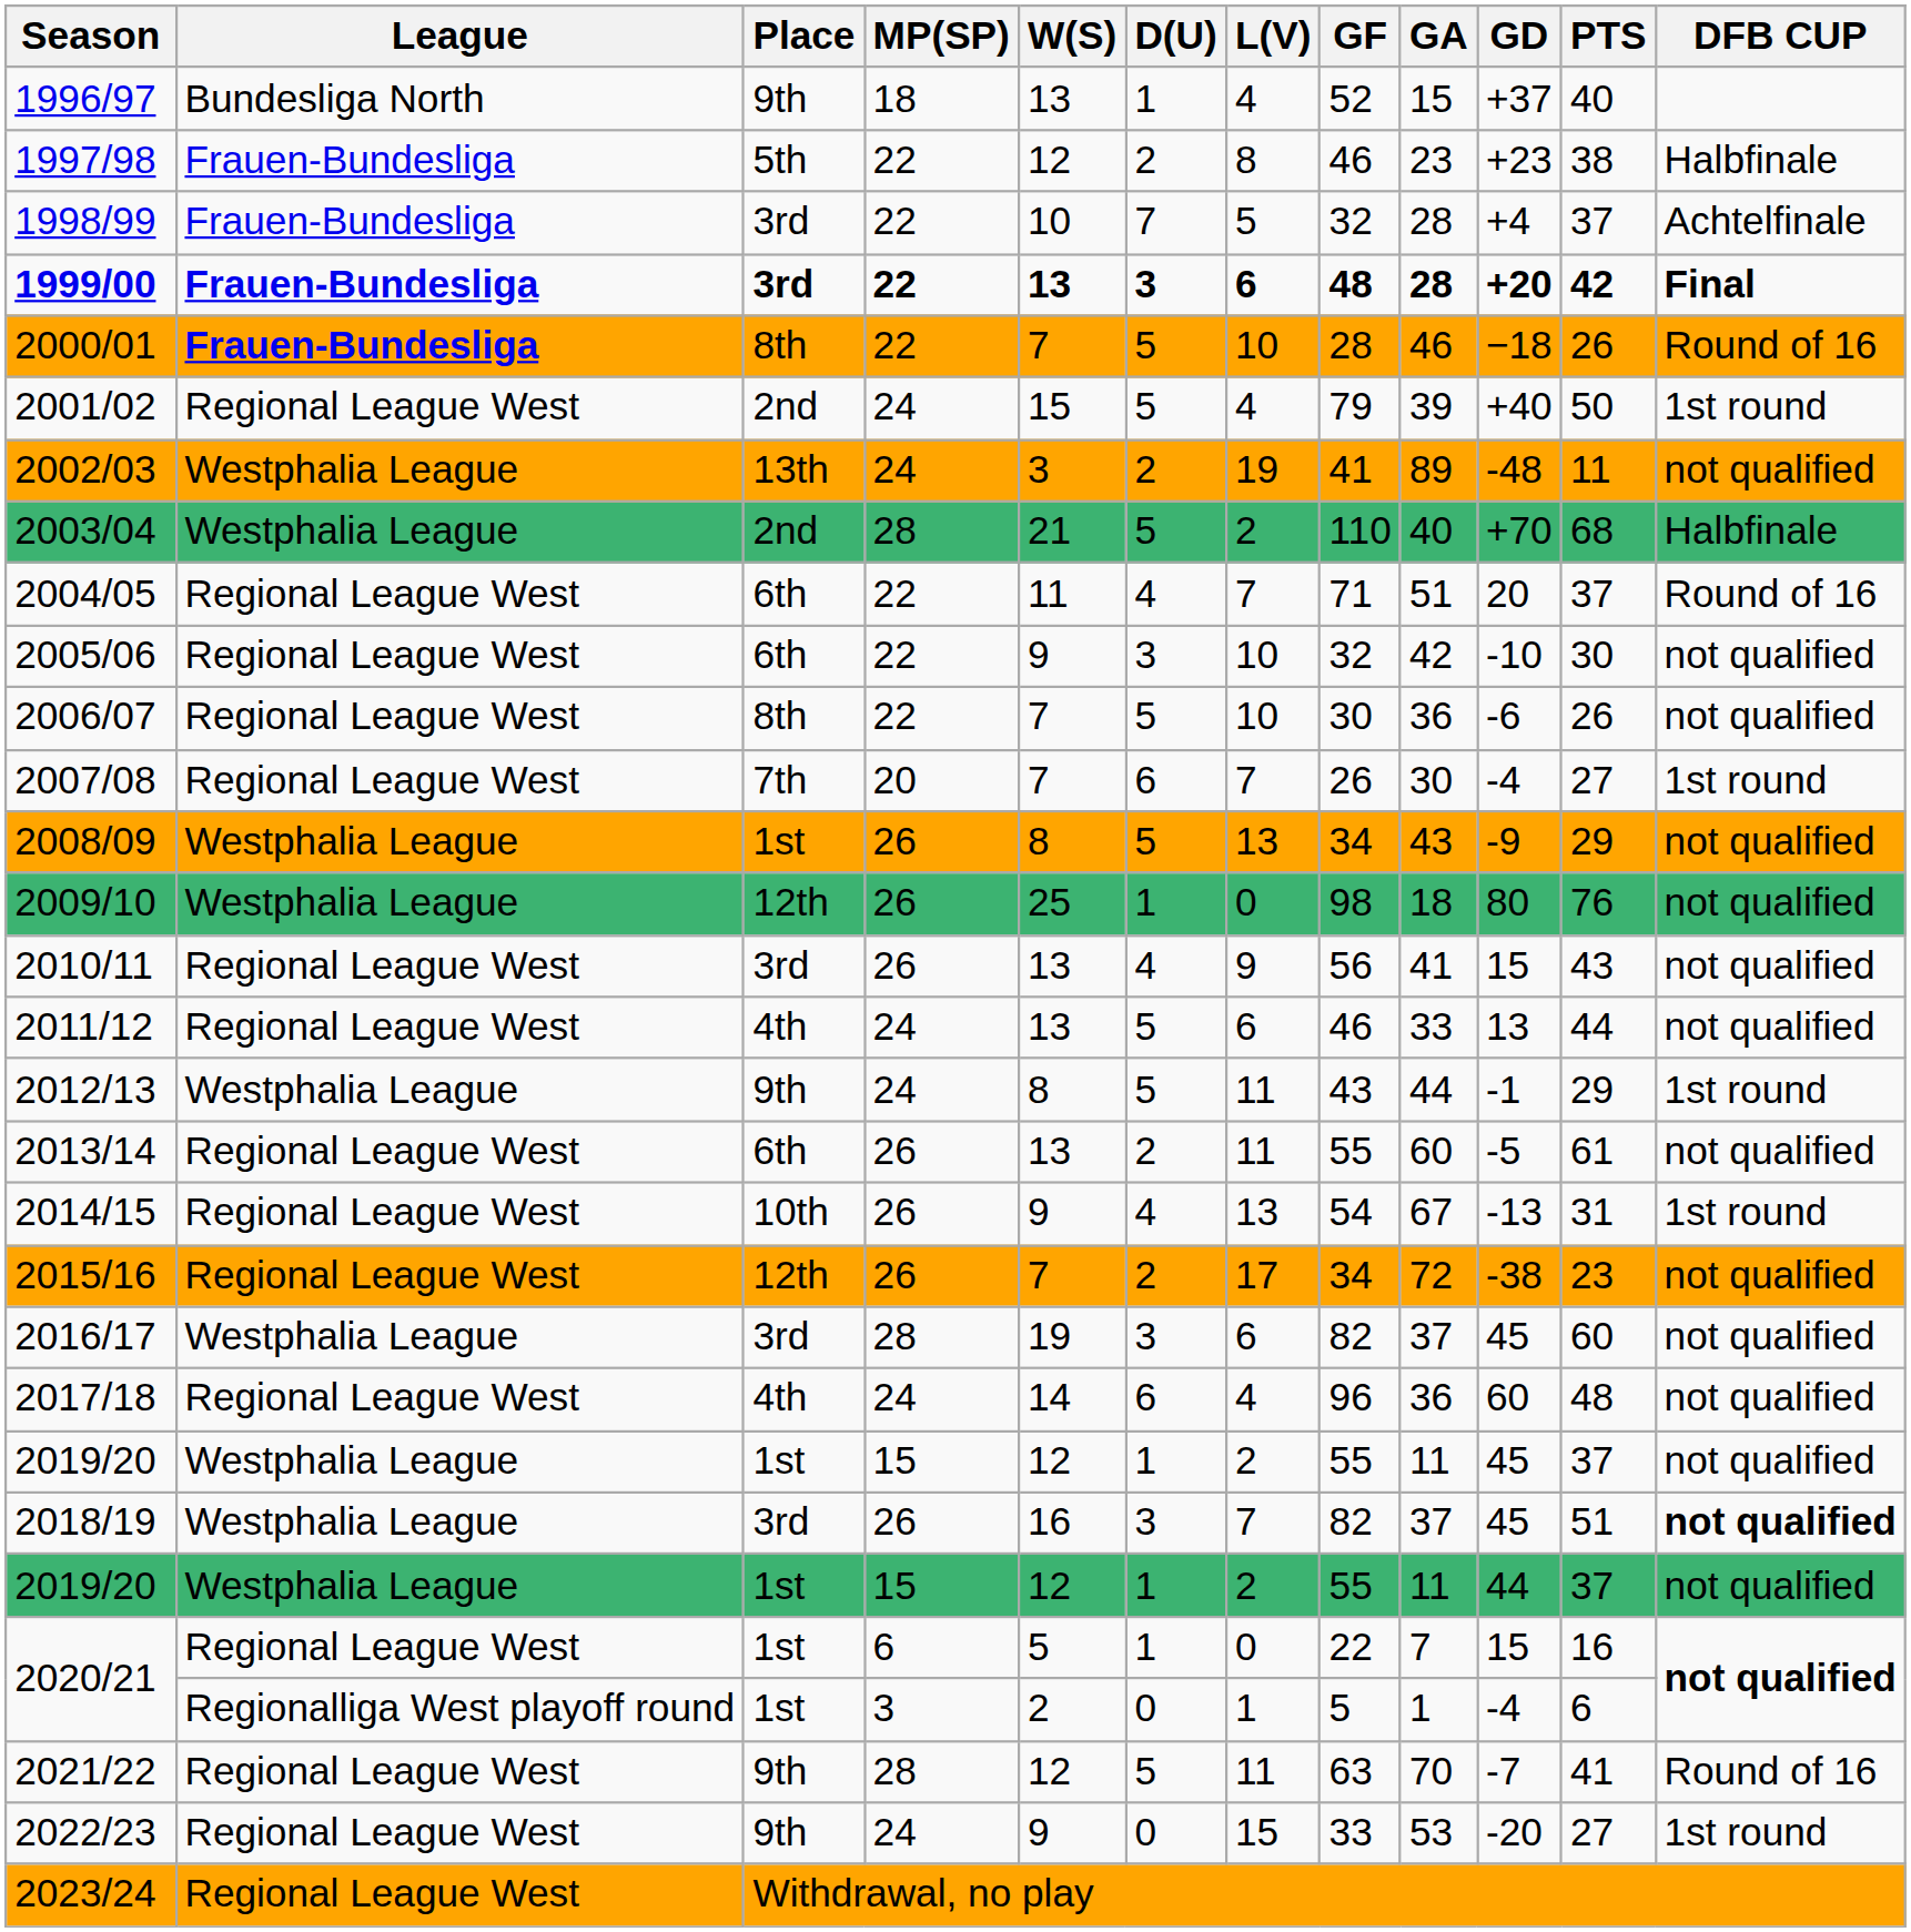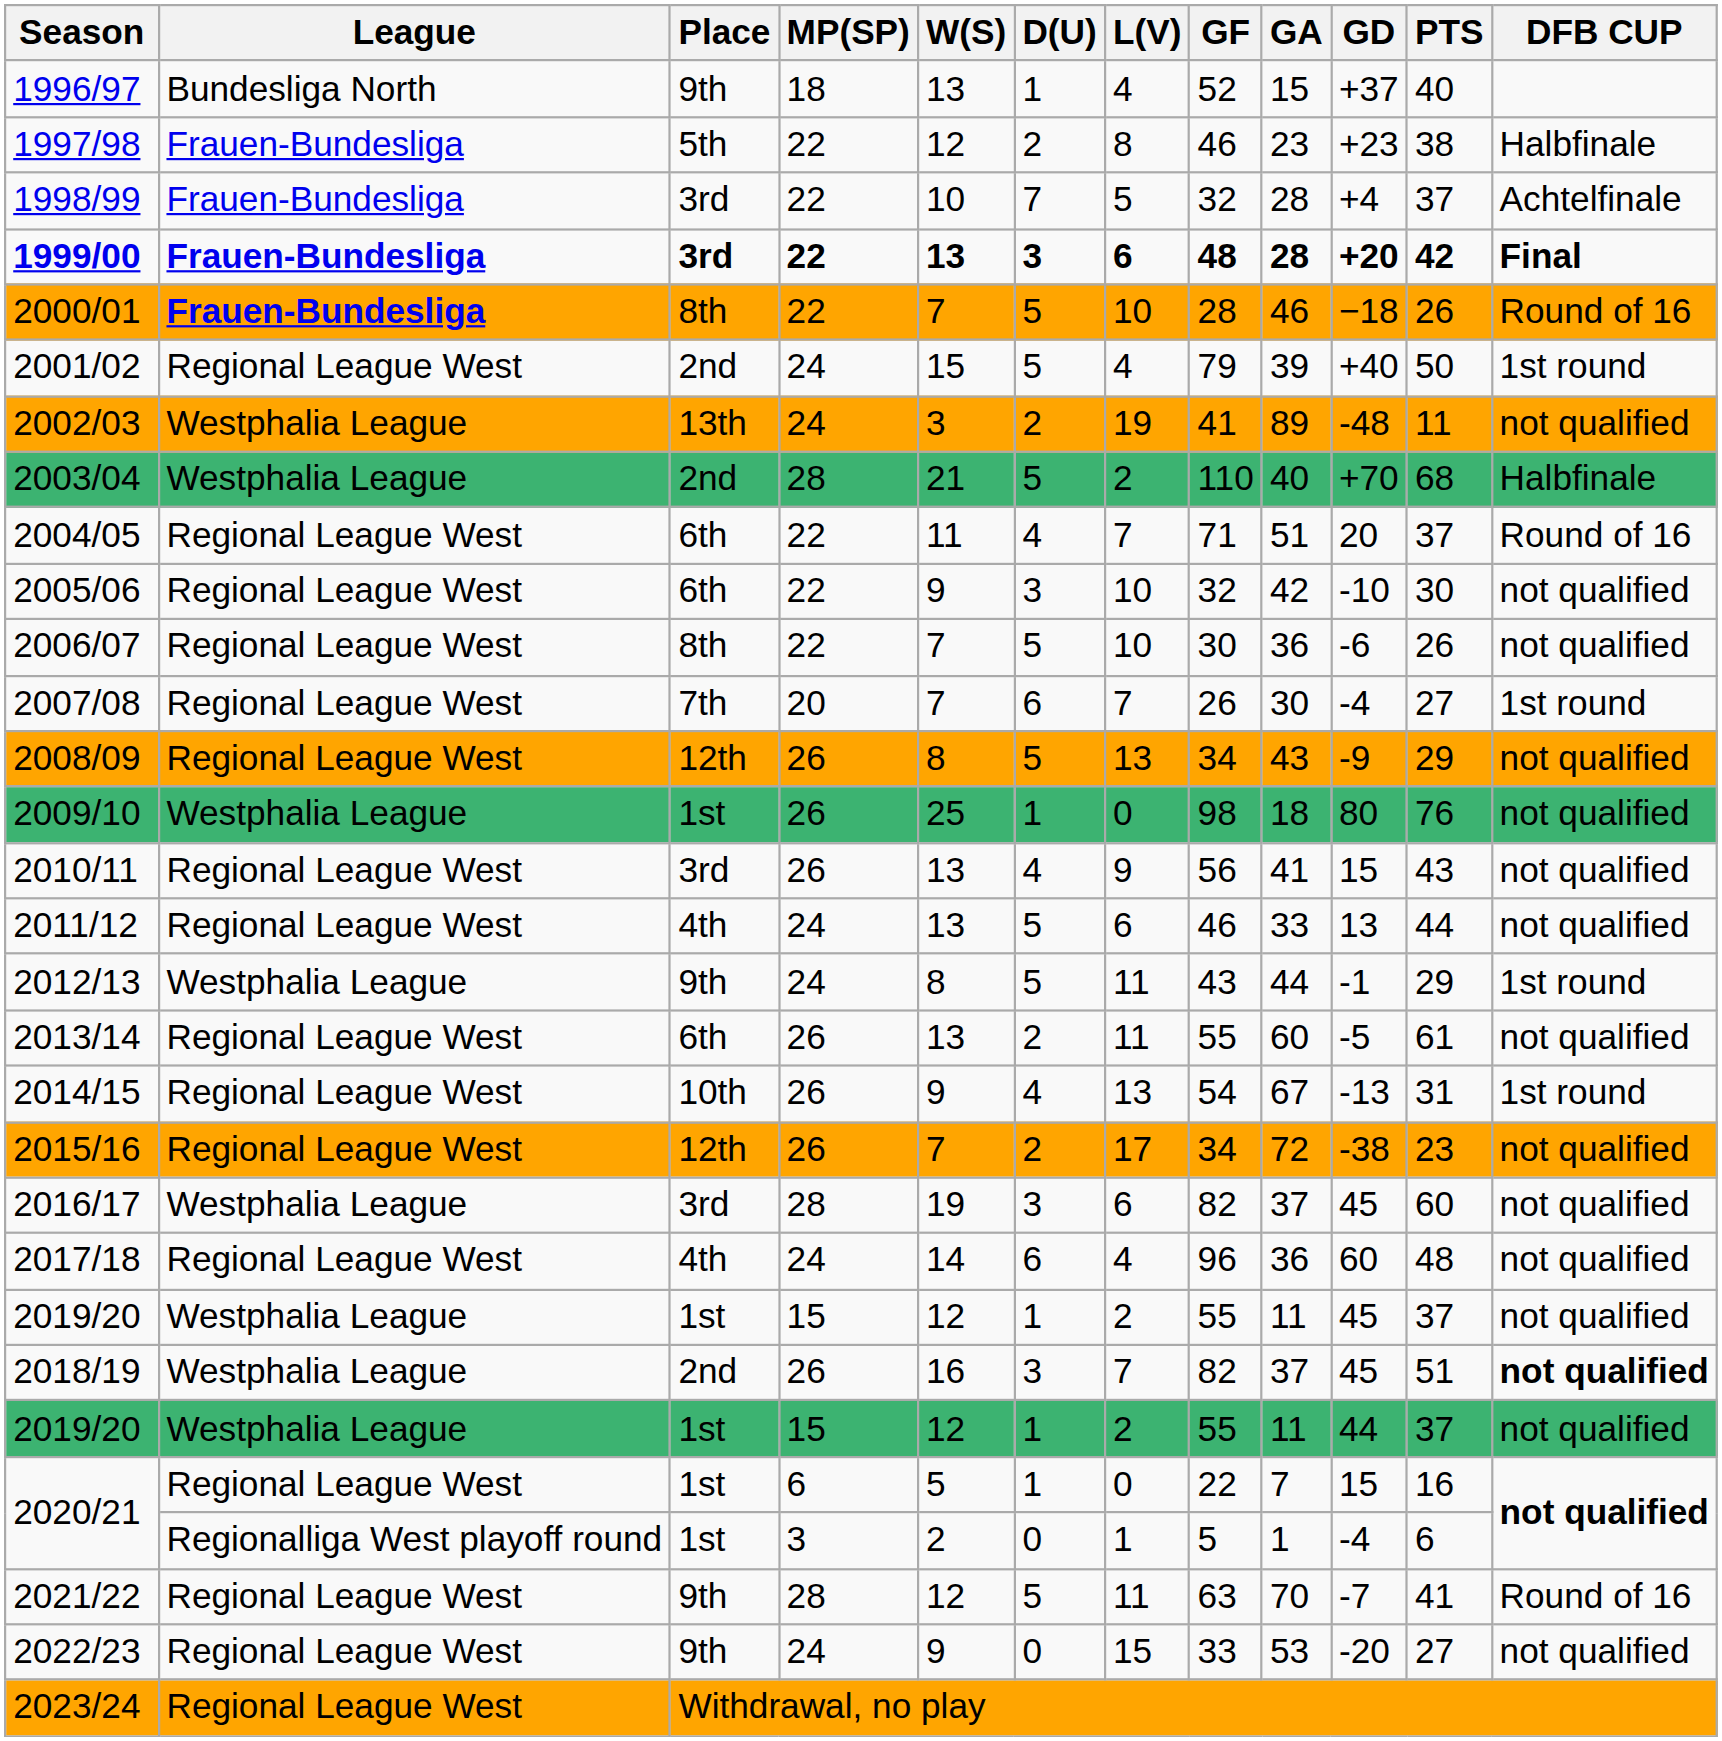 <table class="wikitable">
 <tr>
 <th>Season</th>
 <th>League</th>
 <th>Place</th>
 <th>MP(SP)</th>
 <th>W(S)</th>
 <th>D(U)</th>
 <th>L(V)</th>
 <th>GF</th>
 <th>GA</th>
 <th>GD</th>
 <th>PTS</th>
 <th>DFB CUP</th>
 </tr>
 <tr>
 <td><a href='#'>1996/97</a></td>
 <td>Bundesliga North</td>
 <td>9th</td>
 <td>18</td>
 <td>13</td>
 <td>1</td>
 <td>4</td>
 <td>52</td>
 <td>15</td>
 <td>+37</td>
 <td>40</td>
 <td></td>
 </tr>
 <tr>
 <td><a href='#'>1997/98</a></td>
 <td><a href='#'>Frauen-Bundesliga</a></td>
 <td>5th</td>
 <td>22</td>
 <td>12</td>
 <td>2</td>
 <td>8</td>
 <td>46</td>
 <td>23</td>
 <td>+23</td>
 <td>38</td>
 <td>Halbfinale</td>
 </tr>
 <tr>
 <td><a href='#'>1998/99</a></td>
 <td><a href='#'>Frauen-Bundesliga</a></td>
 <td>3rd</td>
 <td>22</td>
 <td>10</td>
 <td>7</td>
 <td>5</td>
 <td>32</td>
 <td>28</td>
 <td>+4</td>
 <td>37</td>
 <td>Achtelfinale</td>
 </tr>
 <tr>
 <td><a href='#'><strong>1999/00</strong></a></td>
 <td><strong><a href='#'>Frauen-Bundesliga</a></strong></td>
 <td><strong>3rd</strong></td>
 <td><strong>22</strong></td>
 <td><strong>13</strong></td>
 <td><strong>3</strong></td>
 <td><strong>6</strong></td>
 <td><strong>48</strong></td>
 <td><strong>28</strong></td>
 <td><strong>+20</strong></td>
 <td><strong>42</strong></td>
 <td><strong>Final</strong></td>
 </tr>
 <tr style="background:#FFA500">
 <td>2000/01</td>
 <td><strong><a href='#'>Frauen-Bundesliga</a></strong></td>
 <td>8th</td>
 <td>22</td>
 <td>7</td>
 <td>5</td>
 <td>10</td>
 <td>28</td>
 <td>46</td>
 <td>−18</td>
 <td>26</td>
 <td>Round of 16</td>
 </tr>
 <tr>
 <td>2001/02</td>
 <td>Regional League West</td>
 <td>2nd</td>
 <td>24</td>
 <td>15</td>
 <td>5</td>
 <td>4</td>
 <td>79</td>
 <td>39</td>
 <td>+40</td>
 <td>50</td>
 <td>1st round</td>
 </tr>
 <tr style="background:#FFA500">
 <td>2002/03</td>
 <td>Westphalia League</td>
 <td>13th</td>
 <td>24</td>
 <td>3</td>
 <td>2</td>
 <td>19</td>
 <td>41</td>
 <td>89</td>
 <td>-48</td>
 <td>11</td>
 <td>not qualified</td>
 </tr>
 <tr style="background:#3CB371">
 <td>2003/04</td>
 <td>Westphalia League</td>
 <td>2nd</td>
 <td>28</td>
 <td>21</td>
 <td>5</td>
 <td>2</td>
 <td>110</td>
 <td>40</td>
 <td>+70</td>
 <td>68</td>
 <td>Halbfinale</td>
 </tr>
 <tr>
 <td>2004/05</td>
 <td>Regional League West</td>
 <td>6th</td>
 <td>22</td>
 <td>11</td>
 <td>4</td>
 <td>7</td>
 <td>71</td>
 <td>51</td>
 <td>20</td>
 <td>37</td>
 <td>Round of 16</td>
 </tr>
 <tr>
 <td>2005/06</td>
 <td>Regional League West</td>
 <td>6th</td>
 <td>22</td>
 <td>9</td>
 <td>3</td>
 <td>10</td>
 <td>32</td>
 <td>42</td>
 <td>-10</td>
 <td>30</td>
 <td>not qualified</td>
 </tr>
 <tr>
 <td>2006/07</td>
 <td>Regional League West</td>
 <td>8th</td>
 <td>22</td>
 <td>7</td>
 <td>5</td>
 <td>10</td>
 <td>30</td>
 <td>36</td>
 <td>-6</td>
 <td>26</td>
 <td>not qualified</td>
 </tr>
 <tr>
 <td>2007/08</td>
 <td>Regional League West</td>
 <td>7th</td>
 <td>20</td>
 <td>7</td>
 <td>6</td>
 <td>7</td>
 <td>26</td>
 <td>30</td>
 <td>-4</td>
 <td>27</td>
 <td>1st round</td>
 </tr>
 <tr style="background:#FFA500">
 <td>2008/09</td>
-<td>Westphalia League</td>
-<td>1st</td>
+<td>Regional League West</td>
+<td>12th</td>
 <td>26</td>
 <td>8</td>
 <td>5</td>
 <td>13</td>
 <td>34</td>
 <td>43</td>
 <td>-9</td>
 <td>29</td>
 <td>not qualified</td>
 </tr>
 <tr style="background:#3CB371">
 <td>2009/10</td>
 <td>Westphalia League</td>
-<td>12th</td>
+<td>1st</td>
 <td>26</td>
 <td>25</td>
 <td>1</td>
 <td>0</td>
 <td>98</td>
 <td>18</td>
 <td>80</td>
 <td>76</td>
 <td>not qualified</td>
 </tr>
 <tr>
 <td>2010/11</td>
 <td>Regional League West</td>
 <td>3rd</td>
 <td>26</td>
 <td>13</td>
 <td>4</td>
 <td>9</td>
 <td>56</td>
 <td>41</td>
 <td>15</td>
 <td>43</td>
 <td>not qualified</td>
 </tr>
 <tr>
 <td>2011/12</td>
 <td>Regional League West</td>
 <td>4th</td>
 <td>24</td>
 <td>13</td>
 <td>5</td>
 <td>6</td>
 <td>46</td>
 <td>33</td>
 <td>13</td>
 <td>44</td>
 <td>not qualified</td>
 </tr>
 <tr>
 <td>2012/13</td>
 <td>Westphalia League</td>
 <td>9th</td>
 <td>24</td>
 <td>8</td>
 <td>5</td>
 <td>11</td>
 <td>43</td>
 <td>44</td>
 <td>-1</td>
 <td>29</td>
 <td>1st round</td>
 </tr>
 <tr>
 <td>2013/14</td>
 <td>Regional League West</td>
 <td>6th</td>
 <td>26</td>
 <td>13</td>
 <td>2</td>
 <td>11</td>
 <td>55</td>
 <td>60</td>
 <td>-5</td>
 <td>61</td>
 <td>not qualified</td>
 </tr>
 <tr>
 <td>2014/15</td>
 <td>Regional League West</td>
 <td>10th</td>
 <td>26</td>
 <td>9</td>
 <td>4</td>
 <td>13</td>
 <td>54</td>
 <td>67</td>
 <td>-13</td>
 <td>31</td>
 <td>1st round</td>
 </tr>
 <tr style="background:#FFA500">
 <td>2015/16</td>
 <td>Regional League West</td>
 <td>12th</td>
 <td>26</td>
 <td>7</td>
 <td>2</td>
 <td>17</td>
 <td>34</td>
 <td>72</td>
 <td>-38</td>
 <td>23</td>
 <td>not qualified</td>
 </tr>
 <tr>
 <td>2016/17</td>
 <td>Westphalia League</td>
 <td>3rd</td>
 <td>28</td>
 <td>19</td>
 <td>3</td>
 <td>6</td>
 <td>82</td>
 <td>37</td>
 <td>45</td>
 <td>60</td>
 <td>not qualified</td>
 </tr>
 <tr>
 <td>2017/18</td>
 <td>Regional League West</td>
 <td>4th</td>
 <td>24</td>
 <td>14</td>
 <td>6</td>
 <td>4</td>
 <td>96</td>
 <td>36</td>
 <td>60</td>
 <td>48</td>
 <td>not qualified</td>
 </tr>
 <tr>
 <td>2019/20 ⁠</td>
 <td>Westphalia League</td>
 <td>1st</td>
 <td>15</td>
 <td>12</td>
 <td>1</td>
 <td>2</td>
 <td>55</td>
 <td>11</td>
 <td>45</td>
 <td>37</td>
 <td>not qualified</td>
 </tr>
 <tr>
 <td>2018/19</td>
 <td>Westphalia League</td>
-<td>3rd</td>
+<td>2nd</td>
 <td>26</td>
 <td>16</td>
 <td>3</td>
 <td>7</td>
 <td>82</td>
 <td>37</td>
 <td>45</td>
 <td>51</td>
 <td><strong>not qualified</strong></td>
 </tr>
 <tr style="background:#3CB371">
 <td>2019/20 ⁠</td>
 <td>Westphalia League</td>
 <td>1st</td>
 <td>15</td>
 <td>12</td>
 <td>1</td>
 <td>2</td>
 <td>55</td>
 <td>11</td>
 <td>44</td>
 <td>37</td>
 <td>not qualified</td>
 </tr>
 <tr>
 <td rowspan="2">2020/21</td>
 <td>Regional League West</td>
 <td>1st</td>
 <td>6</td>
 <td>5</td>
 <td>1</td>
 <td>0</td>
 <td>22</td>
 <td>7</td>
 <td>15</td>
 <td>16</td>
 <td rowspan="2"><strong>not qualified</strong></td>
 </tr>
 <tr>
 <td>Regionalliga West playoff round</td>
 <td>1st</td>
 <td>3</td>
 <td>2</td>
 <td>0</td>
 <td>1</td>
 <td>5</td>
 <td>1</td>
 <td>-4</td>
 <td>6</td>
 </tr>
 <tr>
 <td>2021/22</td>
 <td>Regional League West</td>
 <td>9th</td>
 <td>28</td>
 <td>12</td>
 <td>5</td>
 <td>11</td>
 <td>63</td>
 <td>70</td>
 <td>-7</td>
 <td>41</td>
 <td>Round of 16</td>
 </tr>
 <tr>
 <td>2022/23</td>
 <td>Regional League West</td>
 <td>9th</td>
 <td>24</td>
 <td>9</td>
 <td>0</td>
 <td>15</td>
 <td>33</td>
 <td>53</td>
 <td>-20</td>
 <td>27</td>
-<td>1st round</td>
+<td>not qualified</td>
 </tr>
 <tr style="background:#FFA500">
 <td>2023/24</td>
 <td>Regional League West</td>
 <td colspan="10">Withdrawal, no play</td>
 </tr>
 </table>
